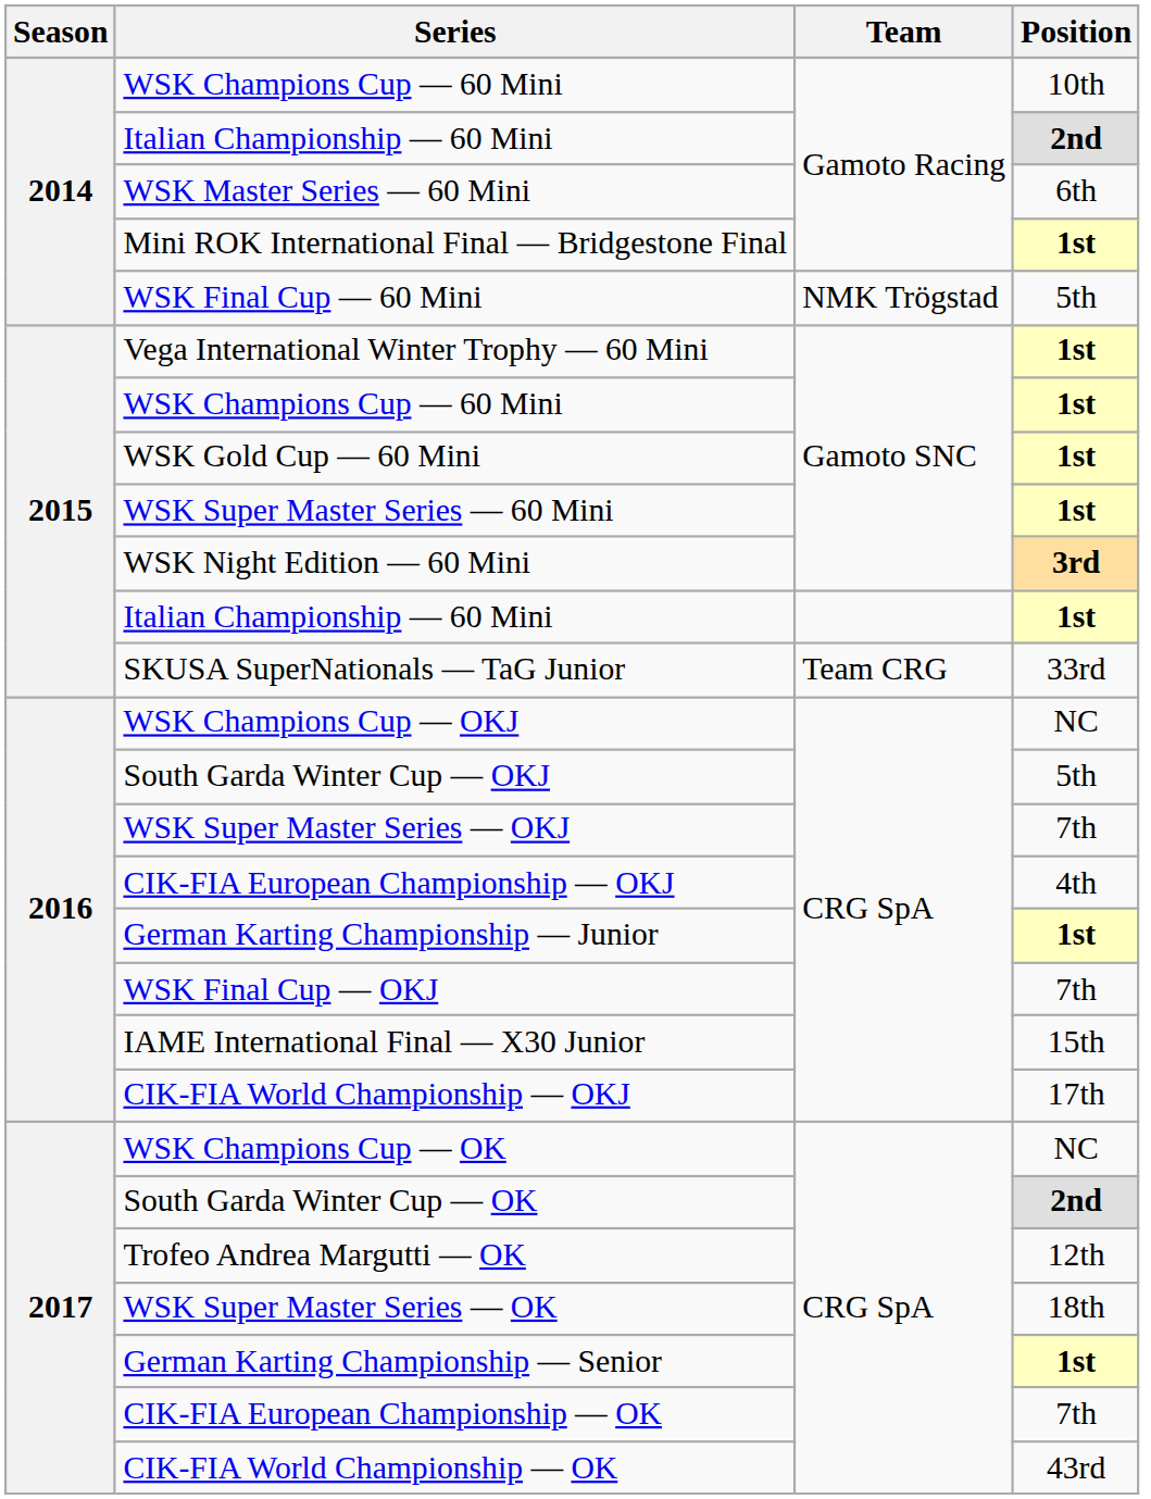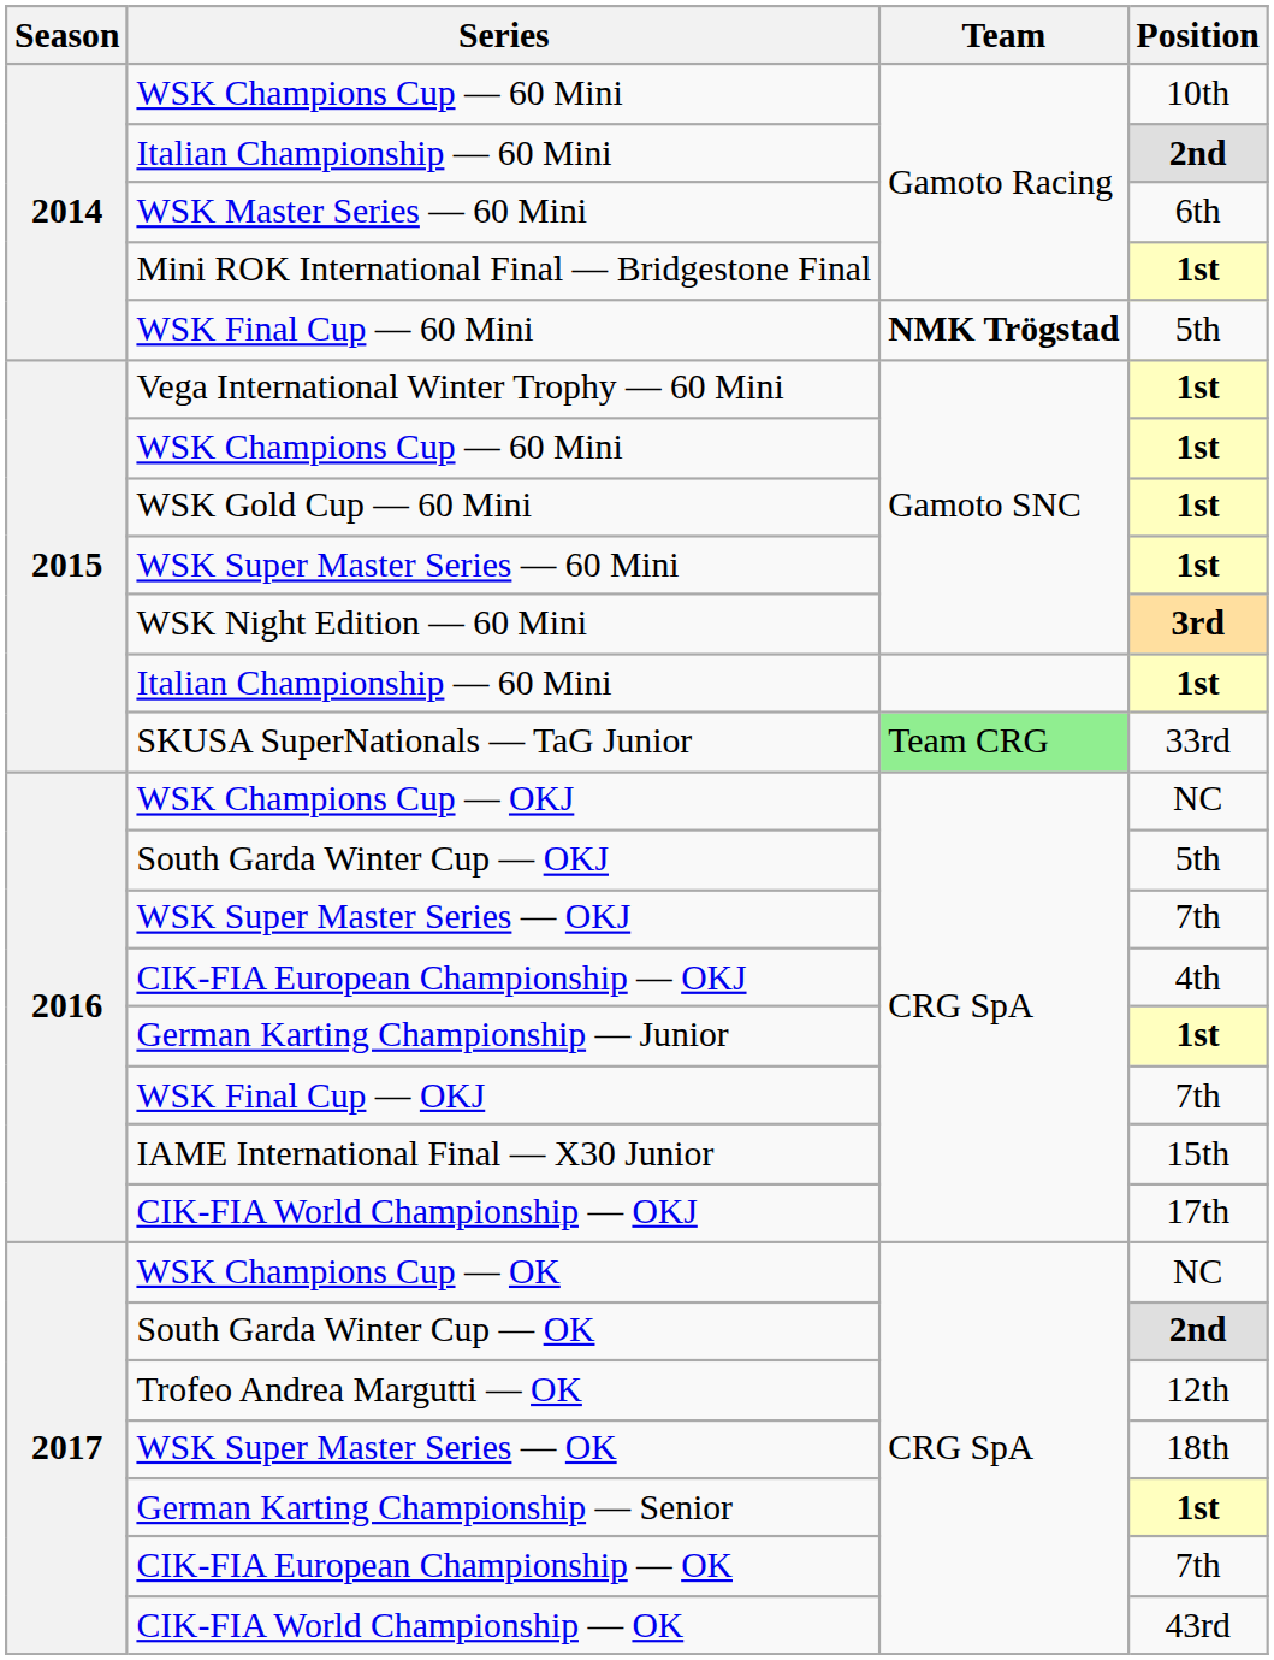 <table class="wikitable" style="font-size: 85%; text-align:center">
 <tr>
 <th>Season</th>
 <th>Series</th>
 <th>Team</th>
 <th>Position</th>
 </tr>
 <tr>
 <th rowspan="5">2014</th>
 <td align="left"><a href='#'>WSK Champions Cup</a> — 60 Mini</td>
 <td rowspan="4" align="left">Gamoto Racing</td>
 <td>10th</td>
 </tr>
 <tr>
 <td align="left"><a href='#'>Italian Championship</a> — 60 Mini</td>
 <td style="background:#DFDFDF;"><strong>2nd</strong></td>
 </tr>
 <tr>
 <td align="left"><a href='#'>WSK Master Series</a> — 60 Mini</td>
 <td>6th</td>
 </tr>
 <tr>
 <td align="left">Mini ROK International Final — Bridgestone Final</td>
 <td style="background:#FFFFBF;"><strong>1st</strong></td>
 </tr>
 <tr>
 <td align="left"><a href='#'>WSK Final Cup</a> — 60 Mini</td>
-<td align="left">NMK Trögstad</td>
+<td align="left"><strong>NMK Trögstad</strong></td>
 <td>5th</td>
 </tr>
 <tr>
 <th rowspan="7">2015</th>
 <td align="left">Vega International Winter Trophy — 60 Mini</td>
 <td rowspan="5" align="left">Gamoto SNC</td>
 <td style="background:#FFFFBF;"><strong>1st</strong></td>
 </tr>
 <tr>
 <td align="left"><a href='#'>WSK Champions Cup</a> — 60 Mini</td>
 <td style="background:#FFFFBF;"><strong>1st</strong></td>
 </tr>
 <tr>
 <td align="left">WSK Gold Cup — 60 Mini</td>
 <td style="background:#FFFFBF;"><strong>1st</strong></td>
 </tr>
 <tr>
 <td align="left"><a href='#'>WSK Super Master Series</a> — 60 Mini</td>
 <td style="background:#FFFFBF;"><strong>1st</strong></td>
 </tr>
 <tr>
 <td align="left">WSK Night Edition — 60 Mini</td>
 <td style="background:#FFDF9F;"><strong>3rd</strong></td>
 </tr>
 <tr>
 <td align="left"><a href='#'>Italian Championship</a> — 60 Mini</td>
 <td align="left"></td>
 <td style="background:#FFFFBF;"><strong>1st</strong></td>
 </tr>
 <tr>
 <td align="left">SKUSA SuperNationals — TaG Junior</td>
-<td align="left">Team CRG</td>
+<td align="left" style="background: lightgreen;">Team CRG</td>
 <td>33rd</td>
 </tr>
 <tr>
 <th rowspan="8">2016</th>
 <td align="left"><a href='#'>WSK Champions Cup</a> — <a href='#'>OKJ</a></td>
 <td rowspan="8"  align="left">CRG SpA</td>
 <td>NC</td>
 </tr>
 <tr>
 <td align="left">South Garda Winter Cup — <a href='#'>OKJ</a></td>
 <td>5th</td>
 </tr>
 <tr>
 <td align="left"><a href='#'>WSK Super Master Series</a> — <a href='#'>OKJ</a></td>
 <td>7th</td>
 </tr>
 <tr>
 <td align="left"><a href='#'>CIK-FIA European Championship</a> — <a href='#'>OKJ</a></td>
 <td>4th</td>
 </tr>
 <tr>
 <td align="left"><a href='#'>German Karting Championship</a> — Junior</td>
 <td style="background:#FFFFBF;"><strong>1st</strong></td>
 </tr>
 <tr>
 <td align="left"><a href='#'>WSK Final Cup</a> — <a href='#'>OKJ</a></td>
 <td>7th</td>
 </tr>
 <tr>
 <td align="left">IAME International Final — X30 Junior</td>
 <td>15th</td>
 </tr>
 <tr>
 <td align="left"><a href='#'>CIK-FIA World Championship</a> — <a href='#'>OKJ</a></td>
 <td>17th</td>
 </tr>
 <tr>
 <th rowspan="7">2017</th>
 <td align="left"><a href='#'>WSK Champions Cup</a> — <a href='#'>OK</a></td>
 <td rowspan="7"  align="left">CRG SpA</td>
 <td>NC</td>
 </tr>
 <tr>
 <td align="left">South Garda Winter Cup — <a href='#'>OK</a></td>
 <td style="background:#DFDFDF;"><strong>2nd</strong></td>
 </tr>
 <tr>
 <td align="left">Trofeo Andrea Margutti — <a href='#'>OK</a></td>
 <td>12th</td>
 </tr>
 <tr>
 <td align="left"><a href='#'>WSK Super Master Series</a> — <a href='#'>OK</a></td>
 <td>18th</td>
 </tr>
 <tr>
 <td align="left"><a href='#'>German Karting Championship</a> — Senior</td>
 <td style="background:#FFFFBF;"><strong>1st</strong></td>
 </tr>
 <tr>
 <td align="left"><a href='#'>CIK-FIA European Championship</a> — <a href='#'>OK</a></td>
 <td>7th</td>
 </tr>
 <tr>
 <td align="left"><a href='#'>CIK-FIA World Championship</a> — <a href='#'>OK</a></td>
 <td>43rd</td>
 </tr>
 </table>
